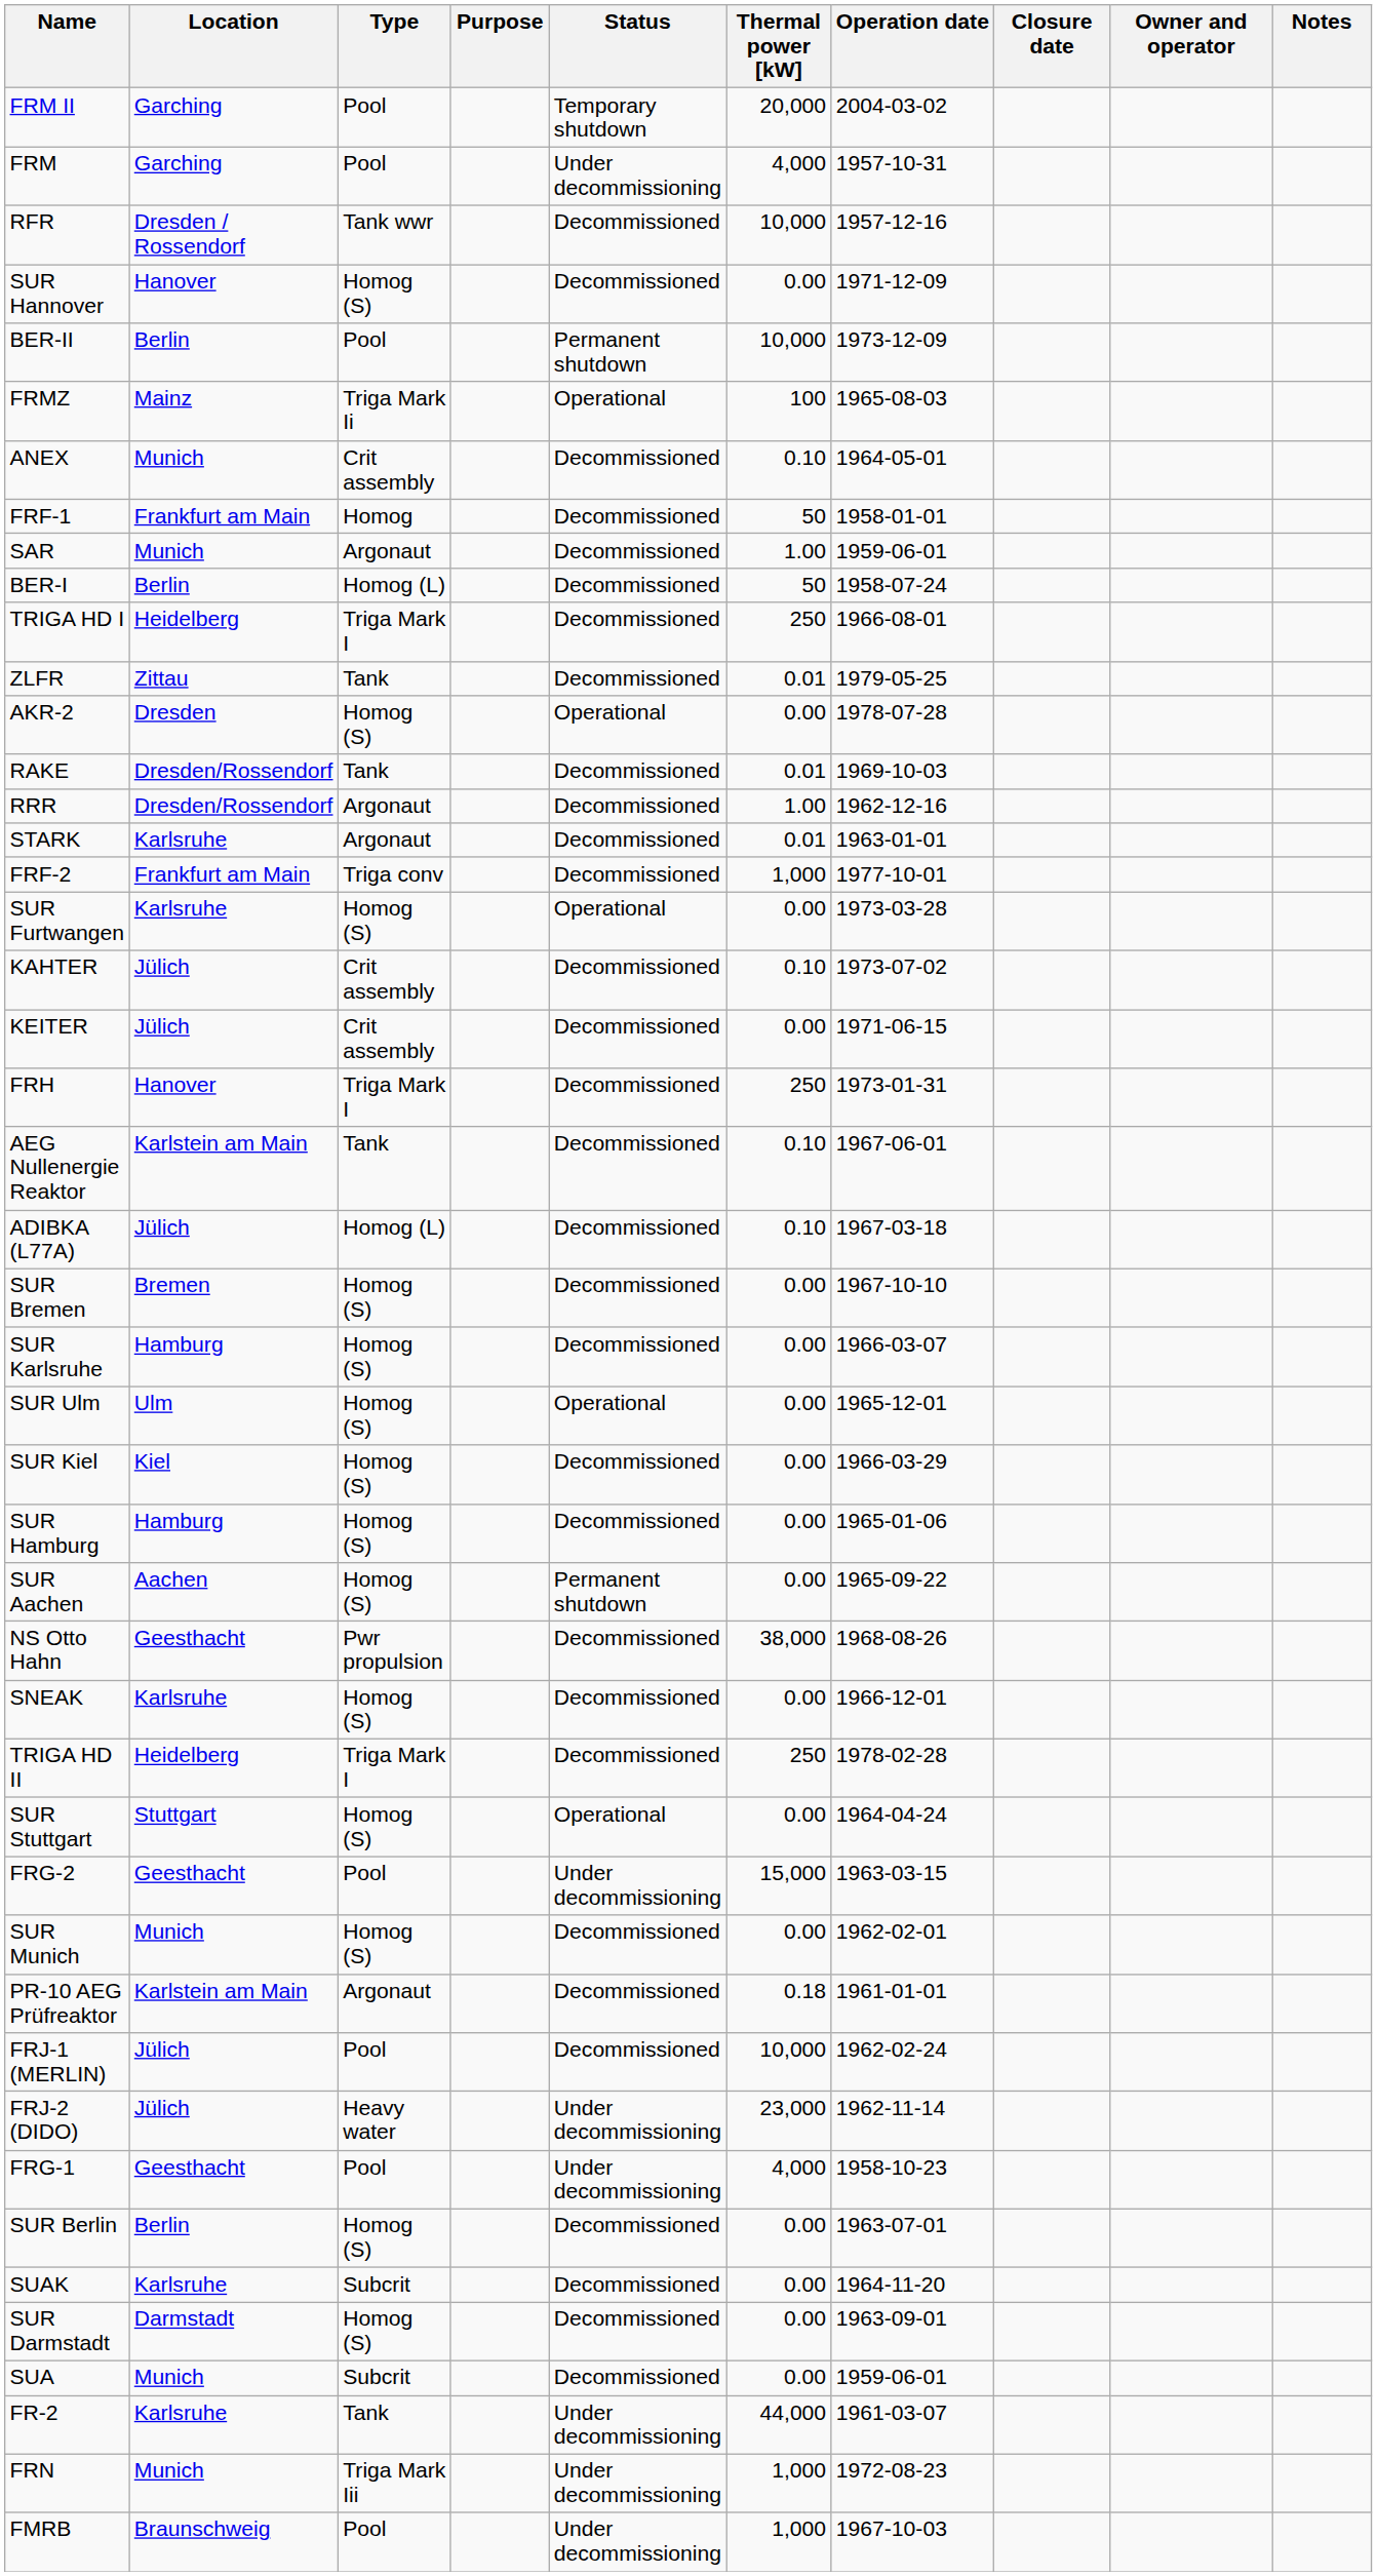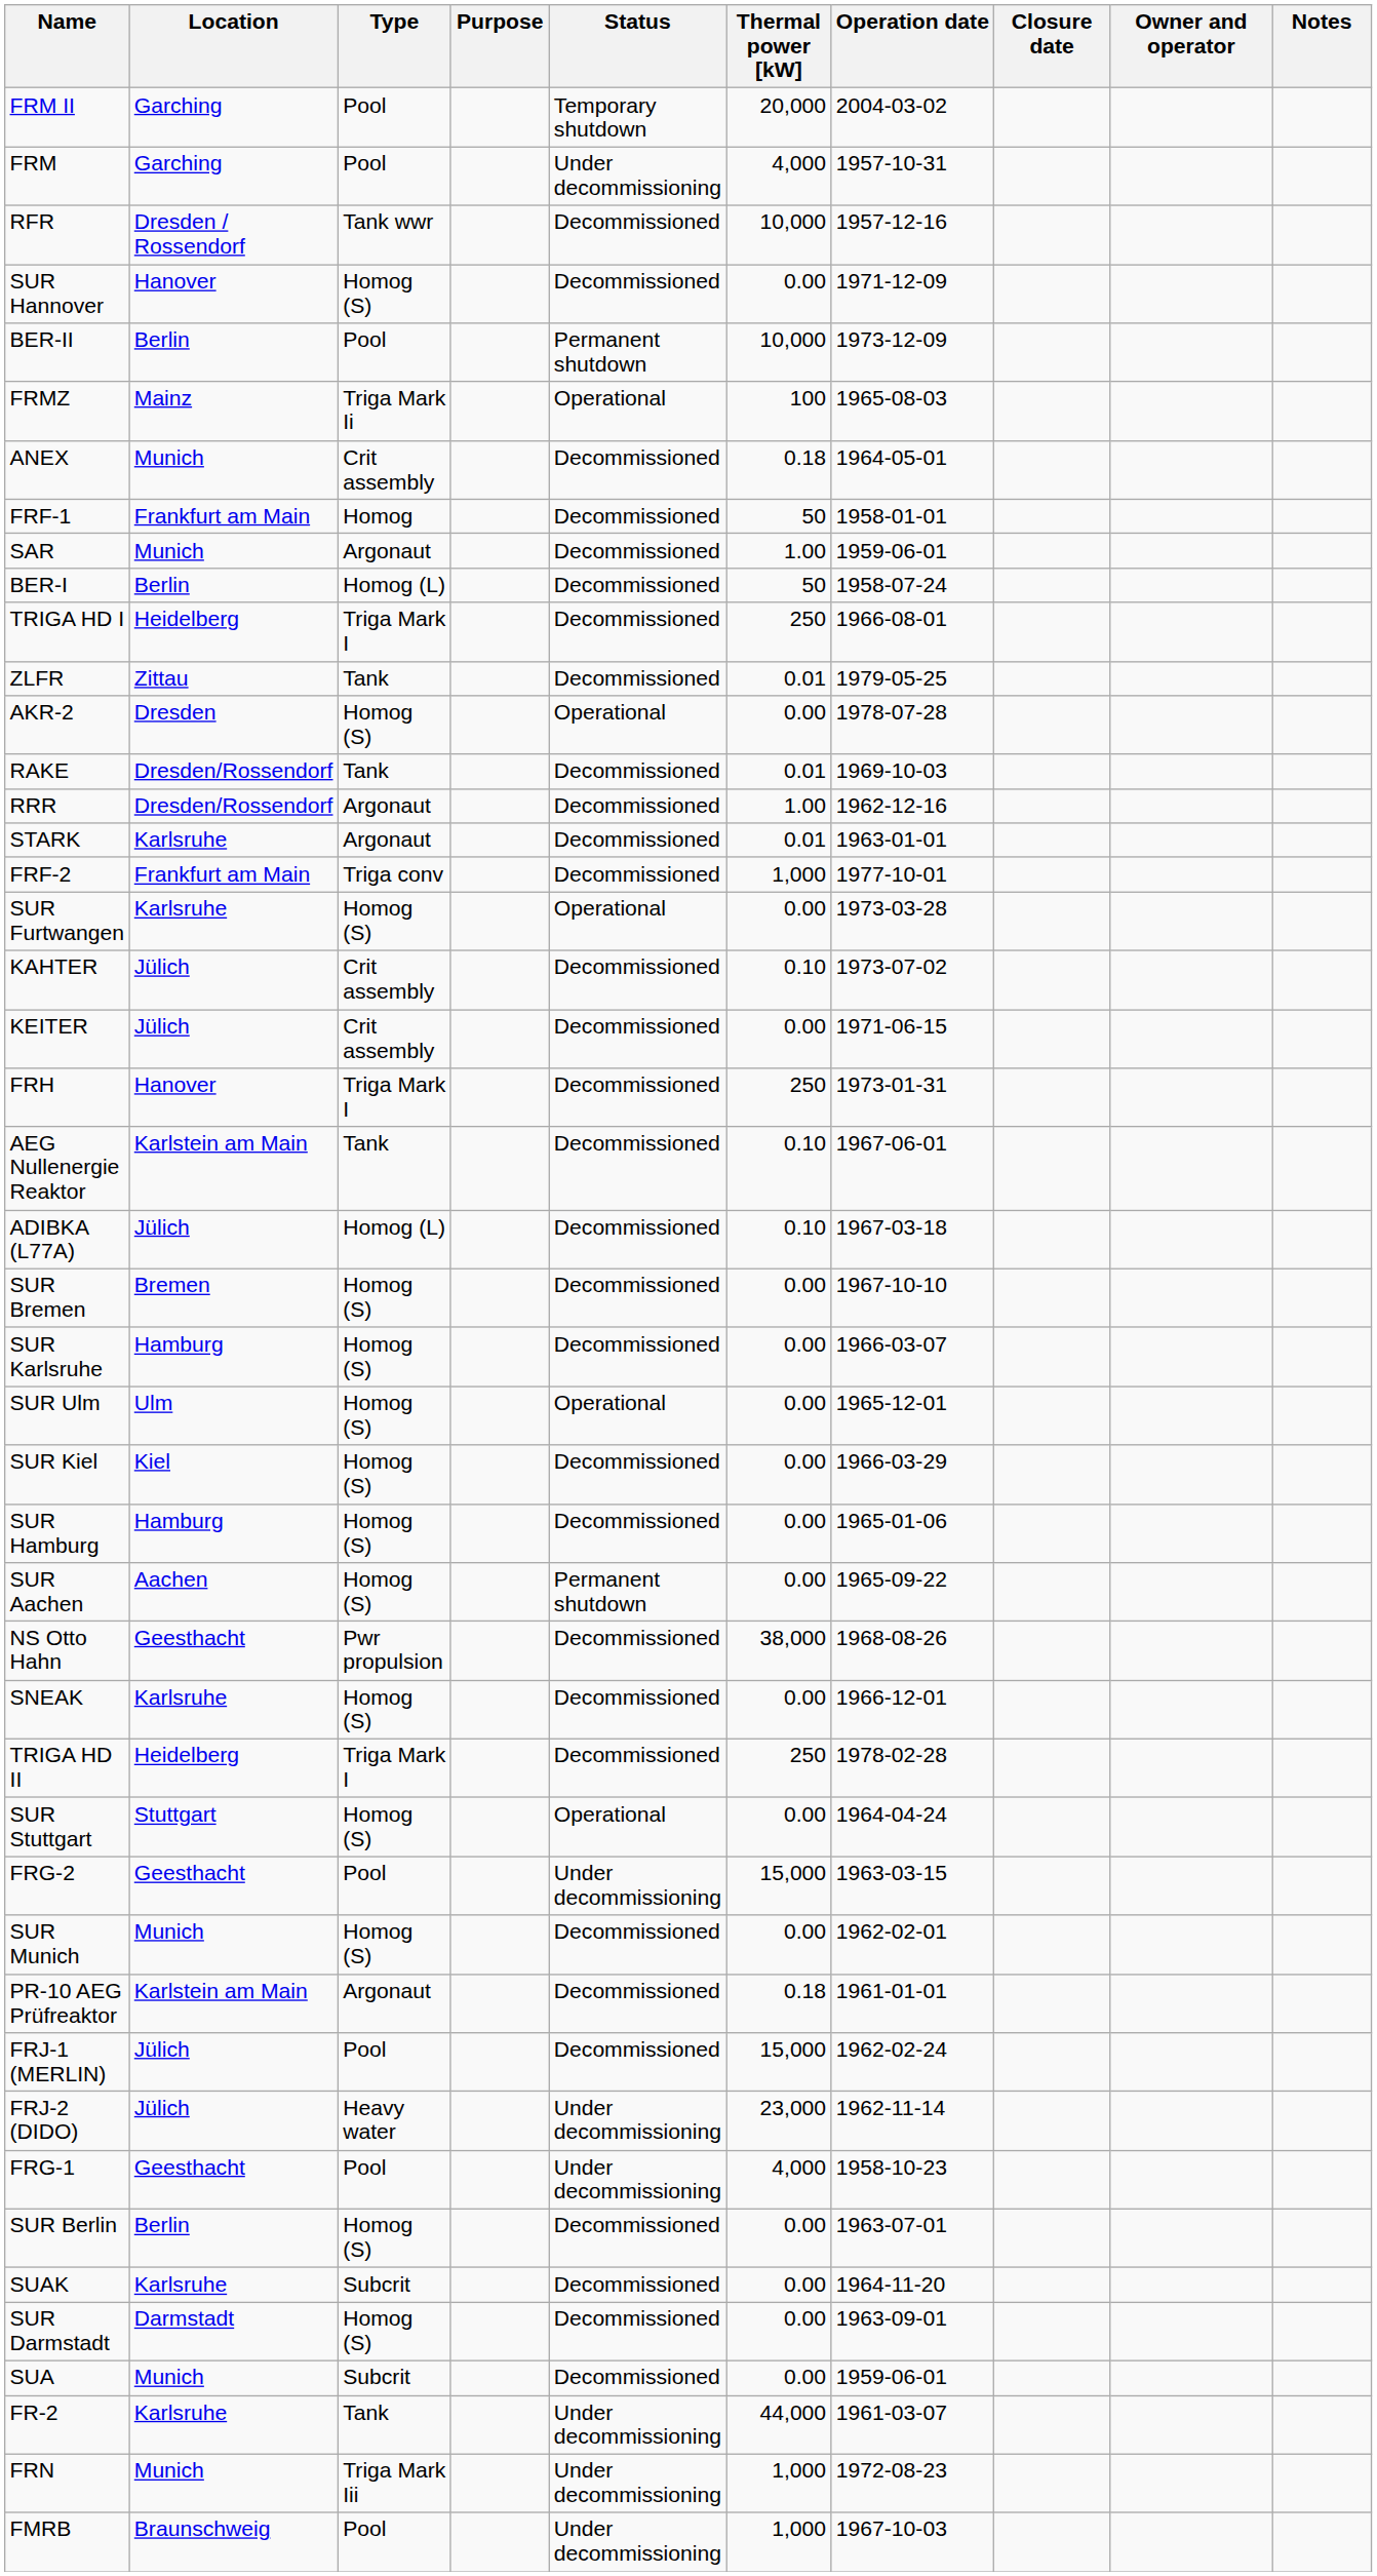 <table class="wikitable" >
 <tr valign="top">
 <th width="80">Name</th>
 <th width="65">Location</th>
 <th width="76">Type</th>
 <th width="65">Purpose</th>
 <th width="91">Status</th>
 <th width="70“">Thermal power [kW]</th>
 <th width=„67“>Operation date</th>
 <th width="78“">Closure date</th>
 <th width="113“">Owner and operator</th>
 <th width="65">Notes</th>
 </tr>
 <tr valign="top">
 <td><a href='#'>FRM II</a></td>
 <td><a href='#'>Garching</a></td>
 <td>Pool</td>
 <td></td>
 <td>Temporary shutdown</td>
 <td align="right">20,000</td>
 <td>2004-03-02</td>
 <td></td>
 <td></td>
 <td></td>
 </tr>
 <tr valign="top">
 <td>FRM</td>
 <td><a href='#'>Garching</a></td>
 <td>Pool</td>
 <td></td>
 <td>Under decommissioning</td>
 <td align="right">4,000</td>
 <td>1957-10-31</td>
 <td></td>
 <td></td>
 <td></td>
 </tr>
 <tr valign="top">
 <td>RFR</td>
 <td><a href='#'>Dresden / Rossendorf</a></td>
 <td>Tank wwr</td>
 <td></td>
 <td>Decommissioned</td>
 <td align="right">10,000</td>
 <td>1957-12-16</td>
 <td></td>
 <td></td>
 <td></td>
 </tr>
 <tr valign="top">
 <td>SUR Hannover</td>
 <td><a href='#'>Hanover</a></td>
 <td>Homog (S)</td>
 <td></td>
 <td>Decommissioned</td>
 <td align="right">0.00</td>
 <td>1971-12-09</td>
 <td></td>
 <td></td>
 <td></td>
 </tr>
 <tr valign="top">
 <td>BER-II</td>
 <td><a href='#'>Berlin</a></td>
 <td>Pool</td>
 <td></td>
 <td>Permanent shutdown</td>
 <td align="right">10,000</td>
 <td>1973-12-09</td>
 <td></td>
 <td></td>
 <td></td>
 </tr>
 <tr valign="top">
 <td>FRMZ</td>
 <td><a href='#'>Mainz</a></td>
 <td>Triga Mark Ii</td>
 <td></td>
 <td>Operational</td>
 <td align="right">100</td>
 <td>1965-08-03</td>
 <td></td>
 <td></td>
 <td></td>
 </tr>
 <tr valign="top">
 <td>ANEX</td>
 <td><a href='#'>Munich</a></td>
 <td>Crit assembly</td>
 <td></td>
 <td>Decommissioned</td>
-<td align="right">0.10</td>
+<td align="right">0.18</td>
 <td>1964-05-01</td>
 <td></td>
 <td></td>
 <td></td>
 </tr>
 <tr valign="top">
 <td>FRF-1</td>
 <td><a href='#'>Frankfurt am Main</a></td>
 <td>Homog</td>
 <td></td>
 <td>Decommissioned</td>
 <td align="right">50</td>
 <td>1958-01-01</td>
 <td></td>
 <td></td>
 <td></td>
 </tr>
 <tr valign="top">
 <td>SAR</td>
 <td><a href='#'>Munich</a></td>
 <td>Argonaut</td>
 <td></td>
 <td>Decommissioned</td>
 <td align="right">1.00</td>
 <td>1959-06-01</td>
 <td></td>
 <td></td>
 <td></td>
 </tr>
 <tr valign="top">
 <td>BER-I</td>
 <td><a href='#'>Berlin</a></td>
 <td>Homog (L)</td>
 <td></td>
 <td>Decommissioned</td>
 <td align="right">50</td>
 <td>1958-07-24</td>
 <td></td>
 <td></td>
 <td></td>
 </tr>
 <tr valign="top">
 <td>TRIGA HD I</td>
 <td><a href='#'>Heidelberg</a></td>
 <td>Triga Mark I</td>
 <td></td>
 <td>Decommissioned</td>
 <td align="right">250</td>
 <td>1966-08-01</td>
 <td></td>
 <td></td>
 <td></td>
 </tr>
 <tr valign="top">
 <td>ZLFR</td>
 <td><a href='#'>Zittau</a></td>
 <td>Tank</td>
 <td></td>
 <td>Decommissioned</td>
 <td align="right">0.01</td>
 <td>1979-05-25</td>
 <td></td>
 <td></td>
 <td></td>
 </tr>
 <tr valign="top">
 <td>AKR-2</td>
 <td><a href='#'>Dresden</a></td>
 <td>Homog (S)</td>
 <td></td>
 <td>Operational</td>
 <td align="right">0.00</td>
 <td>1978-07-28</td>
 <td></td>
 <td></td>
 <td></td>
 </tr>
 <tr valign="top">
 <td>RAKE</td>
 <td><a href='#'>Dresden/Rossendorf</a></td>
 <td>Tank</td>
 <td></td>
 <td>Decommissioned</td>
 <td align="right">0.01</td>
 <td>1969-10-03</td>
 <td></td>
 <td></td>
 <td></td>
 </tr>
 <tr valign="top">
 <td>RRR</td>
 <td><a href='#'>Dresden/Rossendorf</a></td>
 <td>Argonaut</td>
 <td></td>
 <td>Decommissioned</td>
 <td align="right">1.00</td>
 <td>1962-12-16</td>
 <td></td>
 <td></td>
 <td></td>
 </tr>
 <tr valign="top">
 <td>STARK</td>
 <td><a href='#'>Karlsruhe</a></td>
 <td>Argonaut</td>
 <td></td>
 <td>Decommissioned</td>
 <td align="right">0.01</td>
 <td>1963-01-01</td>
 <td></td>
 <td></td>
 <td></td>
 </tr>
 <tr valign="top">
 <td>FRF-2</td>
 <td><a href='#'>Frankfurt am Main</a></td>
 <td>Triga conv</td>
 <td></td>
 <td>Decommissioned</td>
 <td align="right">1,000</td>
 <td>1977-10-01</td>
 <td></td>
 <td></td>
 <td></td>
 </tr>
 <tr valign="top">
 <td>SUR Furtwangen</td>
 <td><a href='#'>Karlsruhe</a></td>
 <td>Homog (S)</td>
 <td></td>
 <td>Operational</td>
 <td align="right">0.00</td>
 <td>1973-03-28</td>
 <td></td>
 <td></td>
 <td></td>
 </tr>
 <tr valign="top">
 <td>KAHTER</td>
 <td><a href='#'>Jülich</a></td>
 <td>Crit assembly</td>
 <td></td>
 <td>Decommissioned</td>
 <td align="right">0.10</td>
 <td>1973-07-02</td>
 <td></td>
 <td></td>
 <td></td>
 </tr>
 <tr valign="top">
 <td>KEITER</td>
 <td><a href='#'>Jülich</a></td>
 <td>Crit assembly</td>
 <td></td>
 <td>Decommissioned</td>
 <td align="right">0.00</td>
 <td>1971-06-15</td>
 <td></td>
 <td></td>
 <td></td>
 </tr>
 <tr valign="top">
 <td>FRH</td>
 <td><a href='#'>Hanover</a></td>
 <td>Triga Mark I</td>
 <td></td>
 <td>Decommissioned</td>
 <td align="right">250</td>
 <td>1973-01-31</td>
 <td></td>
 <td></td>
 <td></td>
 </tr>
 <tr valign="top">
 <td>AEG Nullenergie Reaktor</td>
 <td><a href='#'>Karlstein am Main</a></td>
 <td>Tank</td>
 <td></td>
 <td>Decommissioned</td>
 <td align="right">0.10</td>
 <td>1967-06-01</td>
 <td></td>
 <td></td>
 <td></td>
 </tr>
 <tr valign="top">
 <td>ADIBKA (L77A)</td>
 <td><a href='#'>Jülich</a></td>
 <td>Homog (L)</td>
 <td></td>
 <td>Decommissioned</td>
 <td align="right">0.10</td>
 <td>1967-03-18</td>
 <td></td>
 <td></td>
 <td></td>
 </tr>
 <tr valign="top">
 <td>SUR Bremen</td>
 <td><a href='#'>Bremen</a></td>
 <td>Homog (S)</td>
 <td></td>
 <td>Decommissioned</td>
 <td align="right">0.00</td>
 <td>1967-10-10</td>
 <td></td>
 <td></td>
 <td></td>
 </tr>
 <tr valign="top">
 <td>SUR Karlsruhe</td>
 <td><a href='#'>Hamburg</a></td>
 <td>Homog (S)</td>
 <td></td>
 <td>Decommissioned</td>
 <td align="right">0.00</td>
 <td>1966-03-07</td>
 <td></td>
 <td></td>
 <td></td>
 </tr>
 <tr valign="top">
 <td>SUR Ulm</td>
 <td><a href='#'>Ulm</a></td>
 <td>Homog (S)</td>
 <td></td>
 <td>Operational</td>
 <td align="right">0.00</td>
 <td>1965-12-01</td>
 <td></td>
 <td></td>
 <td></td>
 </tr>
 <tr valign="top">
 <td>SUR Kiel</td>
 <td><a href='#'>Kiel</a></td>
 <td>Homog (S)</td>
 <td></td>
 <td>Decommissioned</td>
 <td align="right">0.00</td>
 <td>1966-03-29</td>
 <td></td>
 <td></td>
 <td></td>
 </tr>
 <tr valign="top">
 <td>SUR Hamburg</td>
 <td><a href='#'>Hamburg</a></td>
 <td>Homog (S)</td>
 <td></td>
 <td>Decommissioned</td>
 <td align="right">0.00</td>
 <td>1965-01-06</td>
 <td></td>
 <td></td>
 <td></td>
 </tr>
 <tr valign="top">
 <td>SUR Aachen</td>
 <td><a href='#'>Aachen</a></td>
 <td>Homog (S)</td>
 <td></td>
 <td>Permanent shutdown</td>
 <td align="right">0.00</td>
 <td>1965-09-22</td>
 <td></td>
 <td></td>
 <td></td>
 </tr>
 <tr valign="top">
 <td>NS Otto Hahn</td>
 <td><a href='#'>Geesthacht</a></td>
 <td>Pwr propulsion</td>
 <td></td>
 <td>Decommissioned</td>
 <td align="right">38,000</td>
 <td>1968-08-26</td>
 <td></td>
 <td></td>
 <td></td>
 </tr>
 <tr valign="top">
 <td>SNEAK</td>
 <td><a href='#'>Karlsruhe</a></td>
 <td>Homog (S)</td>
 <td></td>
 <td>Decommissioned</td>
 <td align="right">0.00</td>
 <td>1966-12-01</td>
 <td></td>
 <td></td>
 <td></td>
 </tr>
 <tr valign="top">
 <td>TRIGA HD II</td>
 <td><a href='#'>Heidelberg</a></td>
 <td>Triga Mark I</td>
 <td></td>
 <td>Decommissioned</td>
 <td align="right">250</td>
 <td>1978-02-28</td>
 <td></td>
 <td></td>
 <td></td>
 </tr>
 <tr valign="top">
 <td>SUR Stuttgart</td>
 <td><a href='#'>Stuttgart</a></td>
 <td>Homog (S)</td>
 <td></td>
 <td>Operational</td>
 <td align="right">0.00</td>
 <td>1964-04-24</td>
 <td></td>
 <td></td>
 <td></td>
 </tr>
 <tr valign="top">
 <td>FRG-2</td>
 <td><a href='#'>Geesthacht</a></td>
 <td>Pool</td>
 <td></td>
 <td>Under decommissioning</td>
 <td align="right">15,000</td>
 <td>1963-03-15</td>
 <td></td>
 <td></td>
 <td></td>
 </tr>
 <tr valign="top">
 <td>SUR Munich</td>
 <td><a href='#'>Munich</a></td>
 <td>Homog (S)</td>
 <td></td>
 <td>Decommissioned</td>
 <td align="right">0.00</td>
 <td>1962-02-01</td>
 <td></td>
 <td></td>
 <td></td>
 </tr>
 <tr valign="top">
 <td>PR-10 AEG Prüfreaktor</td>
 <td><a href='#'>Karlstein am Main</a></td>
 <td>Argonaut</td>
 <td></td>
 <td>Decommissioned</td>
 <td align="right">0.18</td>
 <td>1961-01-01</td>
 <td></td>
 <td></td>
 <td></td>
 </tr>
 <tr valign="top">
 <td>FRJ-1 (MERLIN)</td>
 <td><a href='#'>Jülich</a></td>
 <td>Pool</td>
 <td></td>
 <td>Decommissioned</td>
-<td align="right">10,000</td>
+<td align="right">15,000</td>
 <td>1962-02-24</td>
 <td></td>
 <td></td>
 <td></td>
 </tr>
 <tr valign="top">
 <td>FRJ-2 (DIDO)</td>
 <td><a href='#'>Jülich</a></td>
 <td>Heavy water</td>
 <td></td>
 <td>Under decommissioning</td>
 <td align="right">23,000</td>
 <td>1962-11-14</td>
 <td></td>
 <td></td>
 <td></td>
 </tr>
 <tr valign="top">
 <td>FRG-1</td>
 <td><a href='#'>Geesthacht</a></td>
 <td>Pool</td>
 <td></td>
 <td>Under decommissioning</td>
 <td align="right">4,000</td>
 <td>1958-10-23</td>
 <td></td>
 <td></td>
 <td></td>
 </tr>
 <tr valign="top">
 <td>SUR Berlin</td>
 <td><a href='#'>Berlin</a></td>
 <td>Homog (S)</td>
 <td></td>
 <td>Decommissioned</td>
 <td align="right">0.00</td>
 <td>1963-07-01</td>
 <td></td>
 <td></td>
 <td></td>
 </tr>
 <tr valign="top">
 <td>SUAK</td>
 <td><a href='#'>Karlsruhe</a></td>
 <td>Subcrit</td>
 <td></td>
 <td>Decommissioned</td>
 <td align="right">0.00</td>
 <td>1964-11-20</td>
 <td></td>
 <td></td>
 <td></td>
 </tr>
 <tr valign="top">
 <td>SUR Darmstadt</td>
 <td><a href='#'>Darmstadt</a></td>
 <td>Homog (S)</td>
 <td></td>
 <td>Decommissioned</td>
 <td align="right">0.00</td>
 <td>1963-09-01</td>
 <td></td>
 <td></td>
 <td></td>
 </tr>
 <tr valign="top">
 <td>SUA</td>
 <td><a href='#'>Munich</a></td>
 <td>Subcrit</td>
 <td></td>
 <td>Decommissioned</td>
 <td align="right">0.00</td>
 <td>1959-06-01</td>
 <td></td>
 <td></td>
 <td></td>
 </tr>
 <tr valign="top">
 <td>FR-2</td>
 <td><a href='#'>Karlsruhe</a></td>
 <td>Tank</td>
 <td></td>
 <td>Under decommissioning</td>
 <td align="right">44,000</td>
 <td>1961-03-07</td>
 <td></td>
 <td></td>
 <td></td>
 </tr>
 <tr valign="top">
 <td>FRN</td>
 <td><a href='#'>Munich</a></td>
 <td>Triga Mark Iii</td>
 <td></td>
 <td>Under decommissioning</td>
 <td align="right">1,000</td>
 <td>1972-08-23</td>
 <td></td>
 <td></td>
 <td></td>
 </tr>
 <tr valign="top">
 <td>FMRB</td>
 <td><a href='#'>Braunschweig</a></td>
 <td>Pool</td>
 <td></td>
 <td>Under decommissioning</td>
 <td align="right">1,000</td>
 <td>1967-10-03</td>
 <td></td>
 <td></td>
 <td></td>
 </tr>
 </table>
